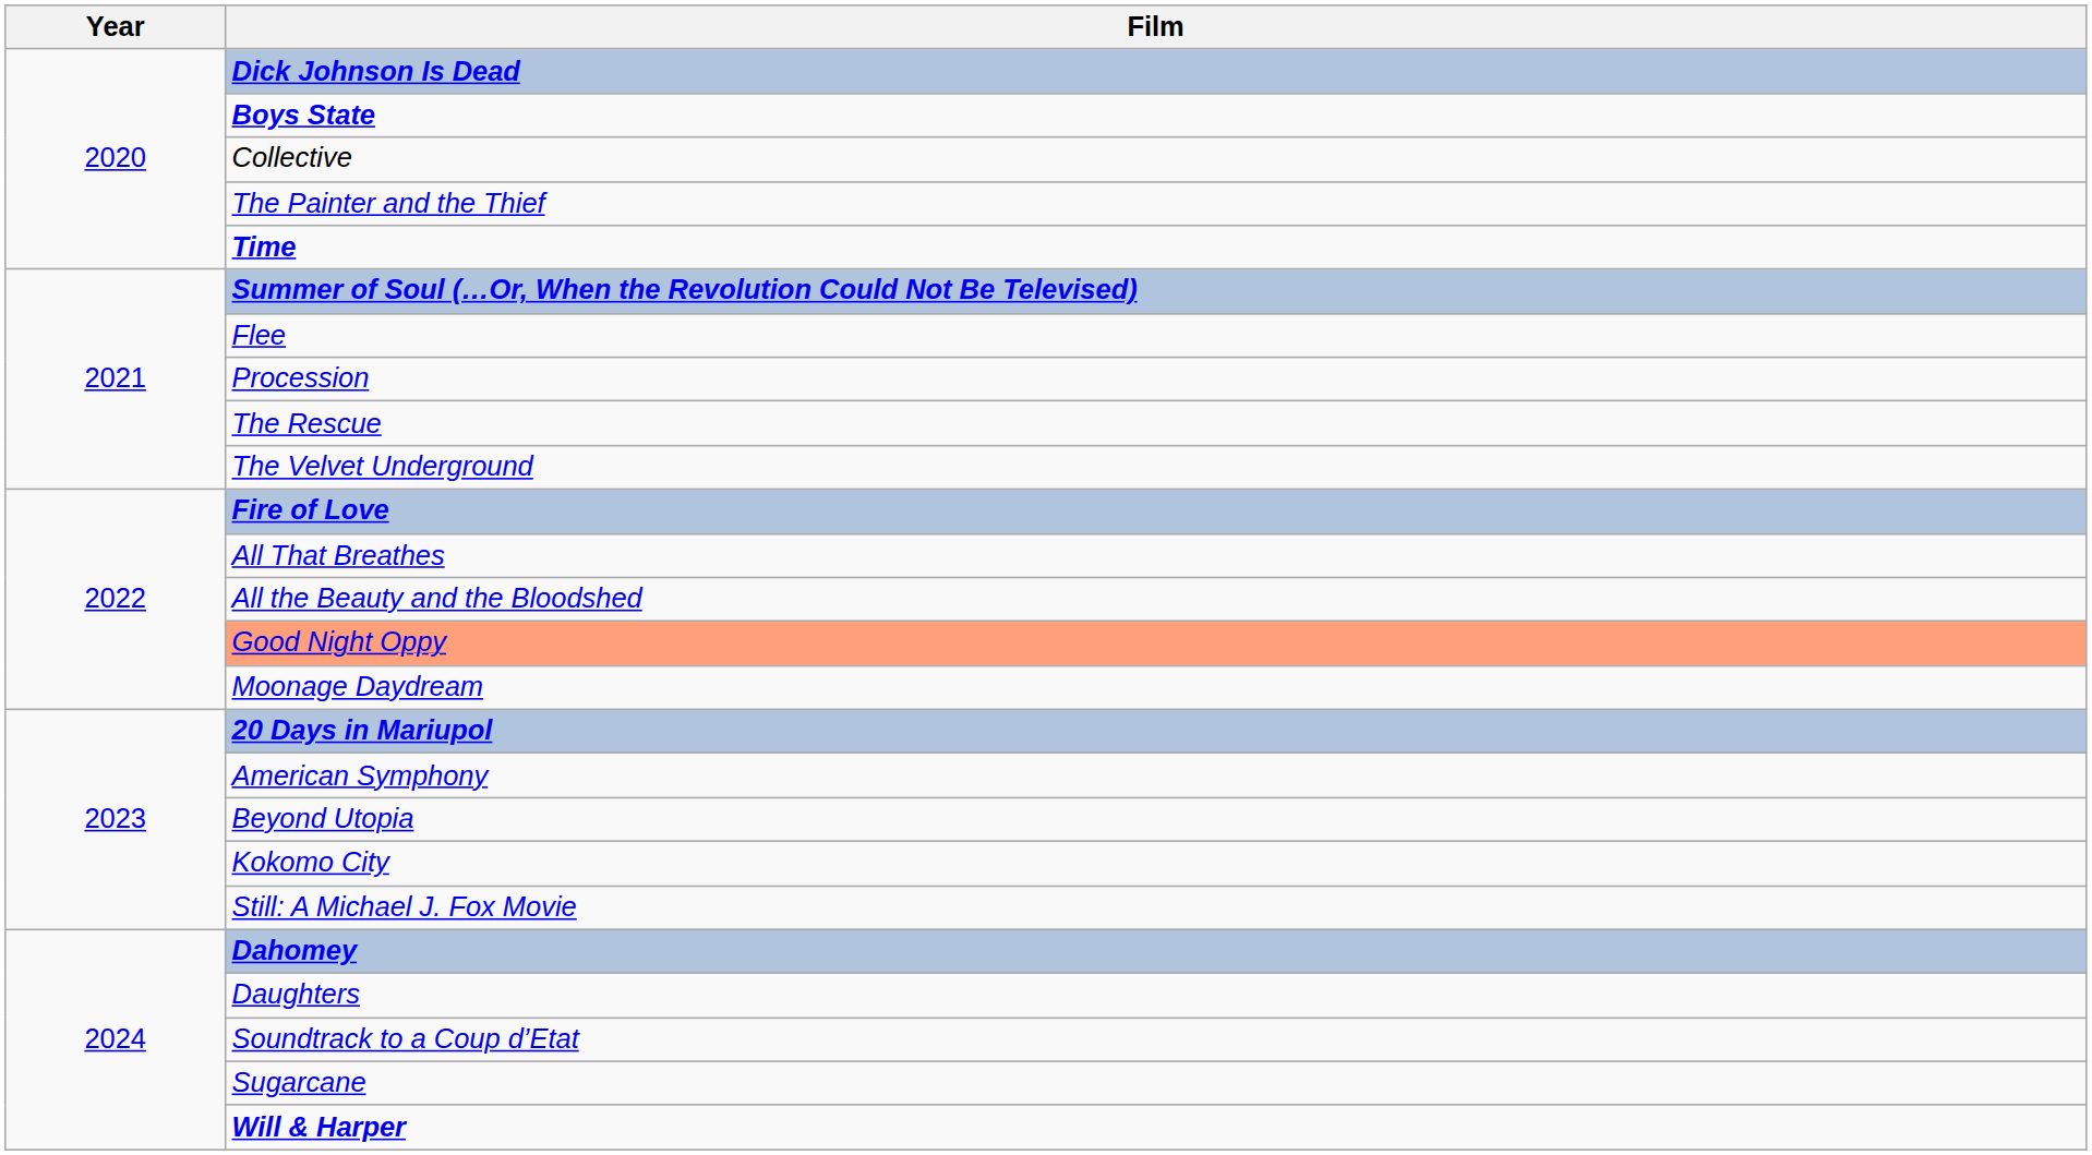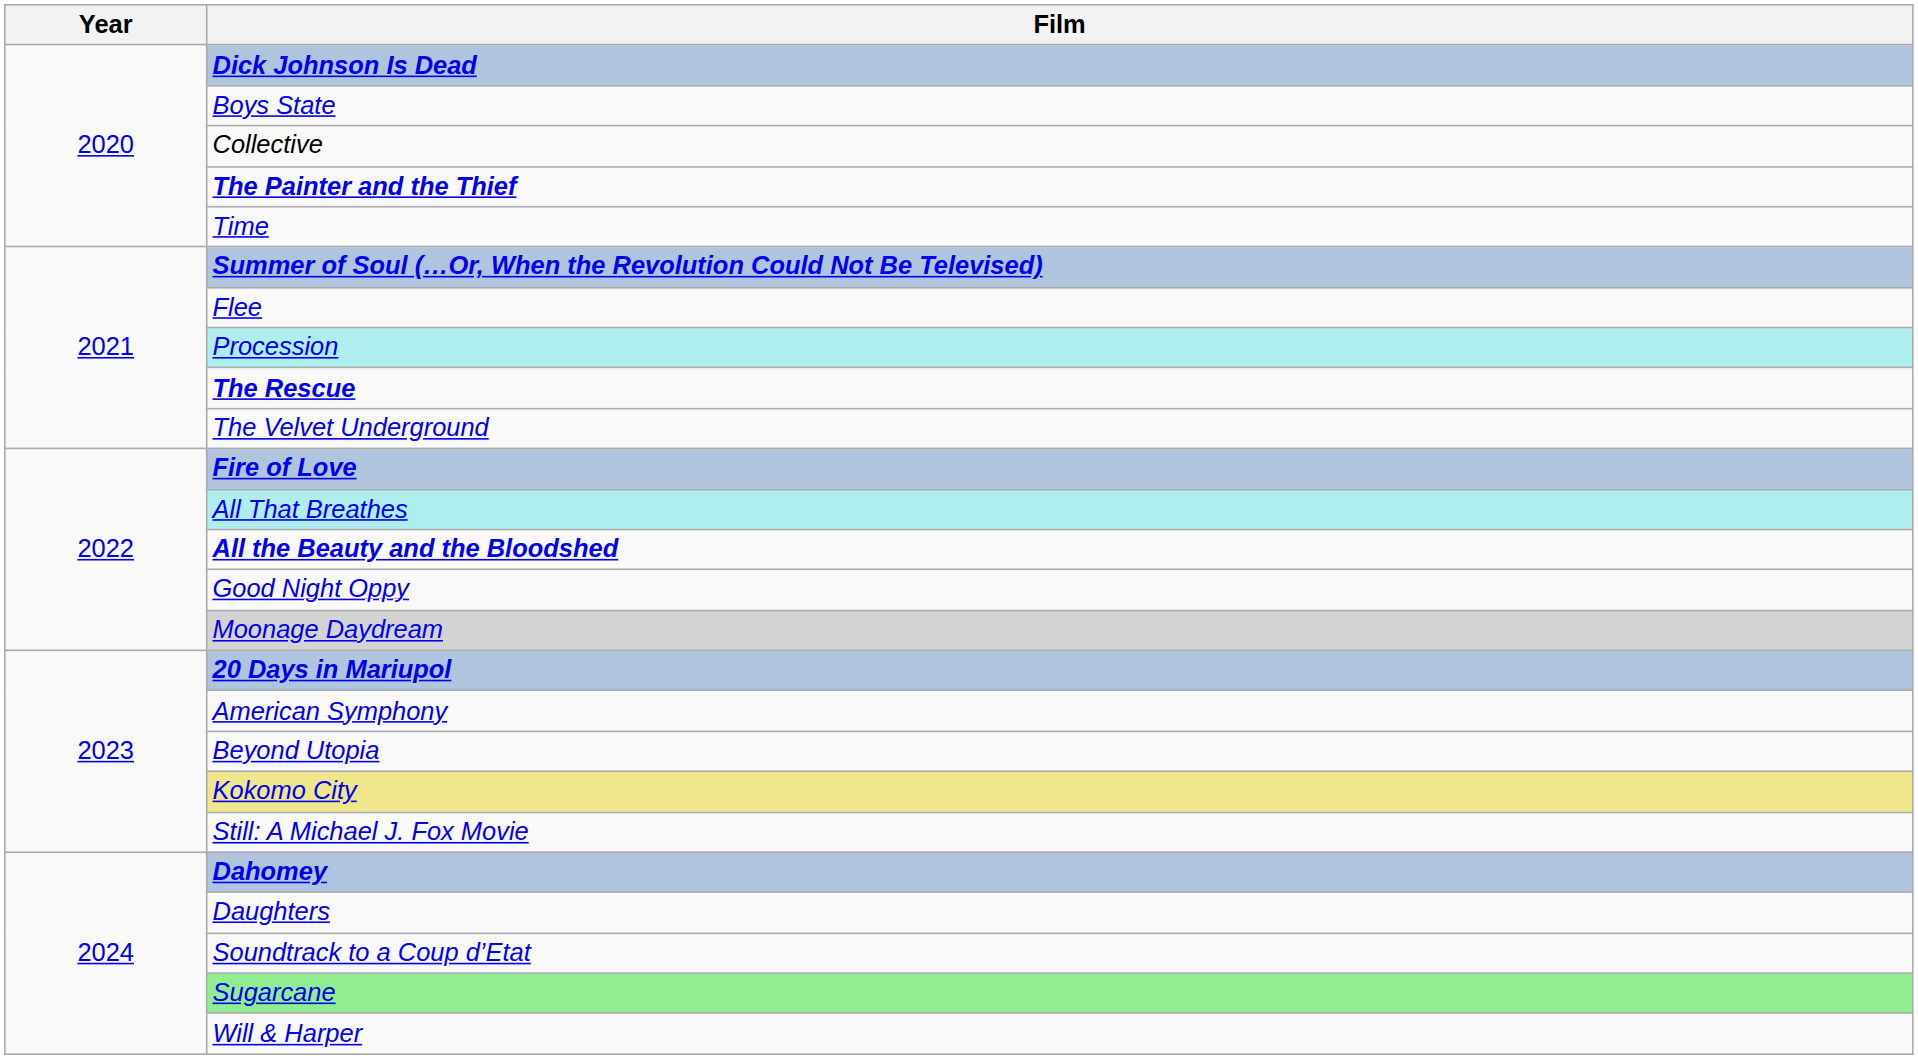 <table class="wikitable" width="95%" cellpadding="5">
 <tr>
 <th width="100"><strong>Year</strong></th>
 <th width="900"><strong>Film</strong></th>
 </tr>
 <tr>
 <td rowspan="5" style="text-align:center;"><a href='#'>2020</a></td>
 <td style="background:#B0C4DE;"><strong><em><a href='#'>Dick Johnson Is Dead</a></em></strong></td>
 </tr>
 <tr>
-<td><strong><em><a href='#'>Boys State</a></em></strong></td>
+<td><em><a href='#'>Boys State</a></em></td>
 </tr>
 <tr>
 <td><em>Collective</em></td>
 </tr>
 <tr>
-<td><em><a href='#'>The Painter and the Thief</a></em></td>
+<td><strong><em><a href='#'>The Painter and the Thief</a></em></strong></td>
 </tr>
 <tr>
-<td><strong><em><a href='#'>Time</a></em></strong></td>
+<td><em><a href='#'>Time</a></em></td>
 </tr>
 <tr>
 <td rowspan="5" style="text-align:center;"><a href='#'>2021</a></td>
 <td style="background:#B0C4DE;"><strong><em><a href='#'>Summer of Soul (…Or, When the Revolution Could Not Be Televised)</a></em></strong></td>
 </tr>
 <tr>
 <td><em><a href='#'>Flee</a></em></td>
 </tr>
 <tr>
-<td><em><a href='#'>Procession</a></em></td>
+<td style="background: paleturquoise;"><em><a href='#'>Procession</a></em></td>
 </tr>
 <tr>
-<td><em><a href='#'>The Rescue</a></em></td>
+<td><strong><em><a href='#'>The Rescue</a></em></strong></td>
 </tr>
 <tr>
 <td><em><a href='#'>The Velvet Underground</a></em></td>
 </tr>
 <tr>
 <td rowspan="5" style="text-align:center;"><a href='#'>2022</a></td>
 <td style="background:#B0C4DE;"><strong><em><a href='#'>Fire of Love</a></em></strong></td>
 </tr>
 <tr>
-<td><em><a href='#'>All That Breathes</a></em></td>
+<td style="background: paleturquoise;"><em><a href='#'>All That Breathes</a></em></td>
 </tr>
 <tr>
-<td><em><a href='#'>All the Beauty and the Bloodshed</a></em></td>
+<td><strong><em><a href='#'>All the Beauty and the Bloodshed</a></em></strong></td>
 </tr>
 <tr>
-<td style="background: lightsalmon;"><em><a href='#'>Good Night Oppy</a></em></td>
+<td><em><a href='#'>Good Night Oppy</a></em></td>
 </tr>
 <tr>
-<td><em><a href='#'>Moonage Daydream</a></em></td>
+<td style="background: lightgrey;"><em><a href='#'>Moonage Daydream</a></em></td>
 </tr>
 <tr>
 <td rowspan="5" style="text-align:center;"><a href='#'>2023</a></td>
 <td style="background:#B0C4DE;"><strong><em><a href='#'>20 Days in Mariupol</a></em></strong></td>
 </tr>
 <tr>
 <td><em><a href='#'>American Symphony</a></em></td>
 </tr>
 <tr>
 <td><em><a href='#'>Beyond Utopia</a></em></td>
 </tr>
 <tr>
-<td><em><a href='#'>Kokomo City</a></em></td>
+<td style="background: khaki;"><em><a href='#'>Kokomo City</a></em></td>
 </tr>
 <tr>
 <td><em><a href='#'>Still: A Michael J. Fox Movie</a></em></td>
 </tr>
 <tr>
 <td rowspan="5" style="text-align:center;"><a href='#'>2024</a></td>
 <td style="background:#B0C4DE;"><strong><em><a href='#'>Dahomey</a></em></strong></td>
 </tr>
 <tr>
 <td><em><a href='#'>Daughters</a></em></td>
 </tr>
 <tr>
 <td><em><a href='#'>Soundtrack to a Coup d’Etat</a></em></td>
 </tr>
 <tr>
-<td><em><a href='#'>Sugarcane</a></em></td>
+<td style="background: lightgreen;"><em><a href='#'>Sugarcane</a></em></td>
 </tr>
 <tr>
-<td><strong><em><a href='#'>Will & Harper</a></em></strong></td>
+<td><em><a href='#'>Will & Harper</a></em></td>
 </tr>
 </table>
